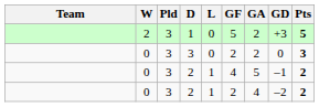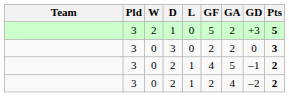 <table class="wikitable" style="text-align:center;">
 <tr>
 <th width=165>Team</th>
+<th width=20>Pld</th>
 <th width=20>W</th>
-<th width=20>Pld</th>
 <th width=20>D</th>
 <th width=20>L</th>
 <th width=20>GF</th>
 <th width=20>GA</th>
 <th Width=20>GD</th>
 <th width=20>Pts</th>
 </tr>
 <tr align=center style="background:#ccffcc;">
 <td style="text-align:left;"></td>
+<td>3</td>
 <td>2</td>
-<td>3</td>
 <td>1</td>
 <td>0</td>
 <td>5</td>
 <td>2</td>
 <td>+3</td>
 <td><strong>5</strong></td>
 </tr>
 <tr align=center>
 <td style="text-align:left;"></td>
+<td>3</td>
 <td>0</td>
-<td>3</td>
 <td>3</td>
 <td>0</td>
 <td>2</td>
 <td>2</td>
 <td>0</td>
 <td><strong>3</strong></td>
 </tr>
 <tr align=center>
 <td style="text-align:left;"></td>
+<td>3</td>
 <td>0</td>
-<td>3</td>
 <td>2</td>
 <td>1</td>
 <td>4</td>
 <td>5</td>
 <td>–1</td>
 <td><strong>2</strong></td>
 </tr>
 <tr align=center>
 <td style="text-align:left;"></td>
+<td>3</td>
 <td>0</td>
-<td>3</td>
 <td>2</td>
 <td>1</td>
 <td>2</td>
 <td>4</td>
 <td>–2</td>
 <td><strong>2</strong></td>
 </tr>
 </table>
